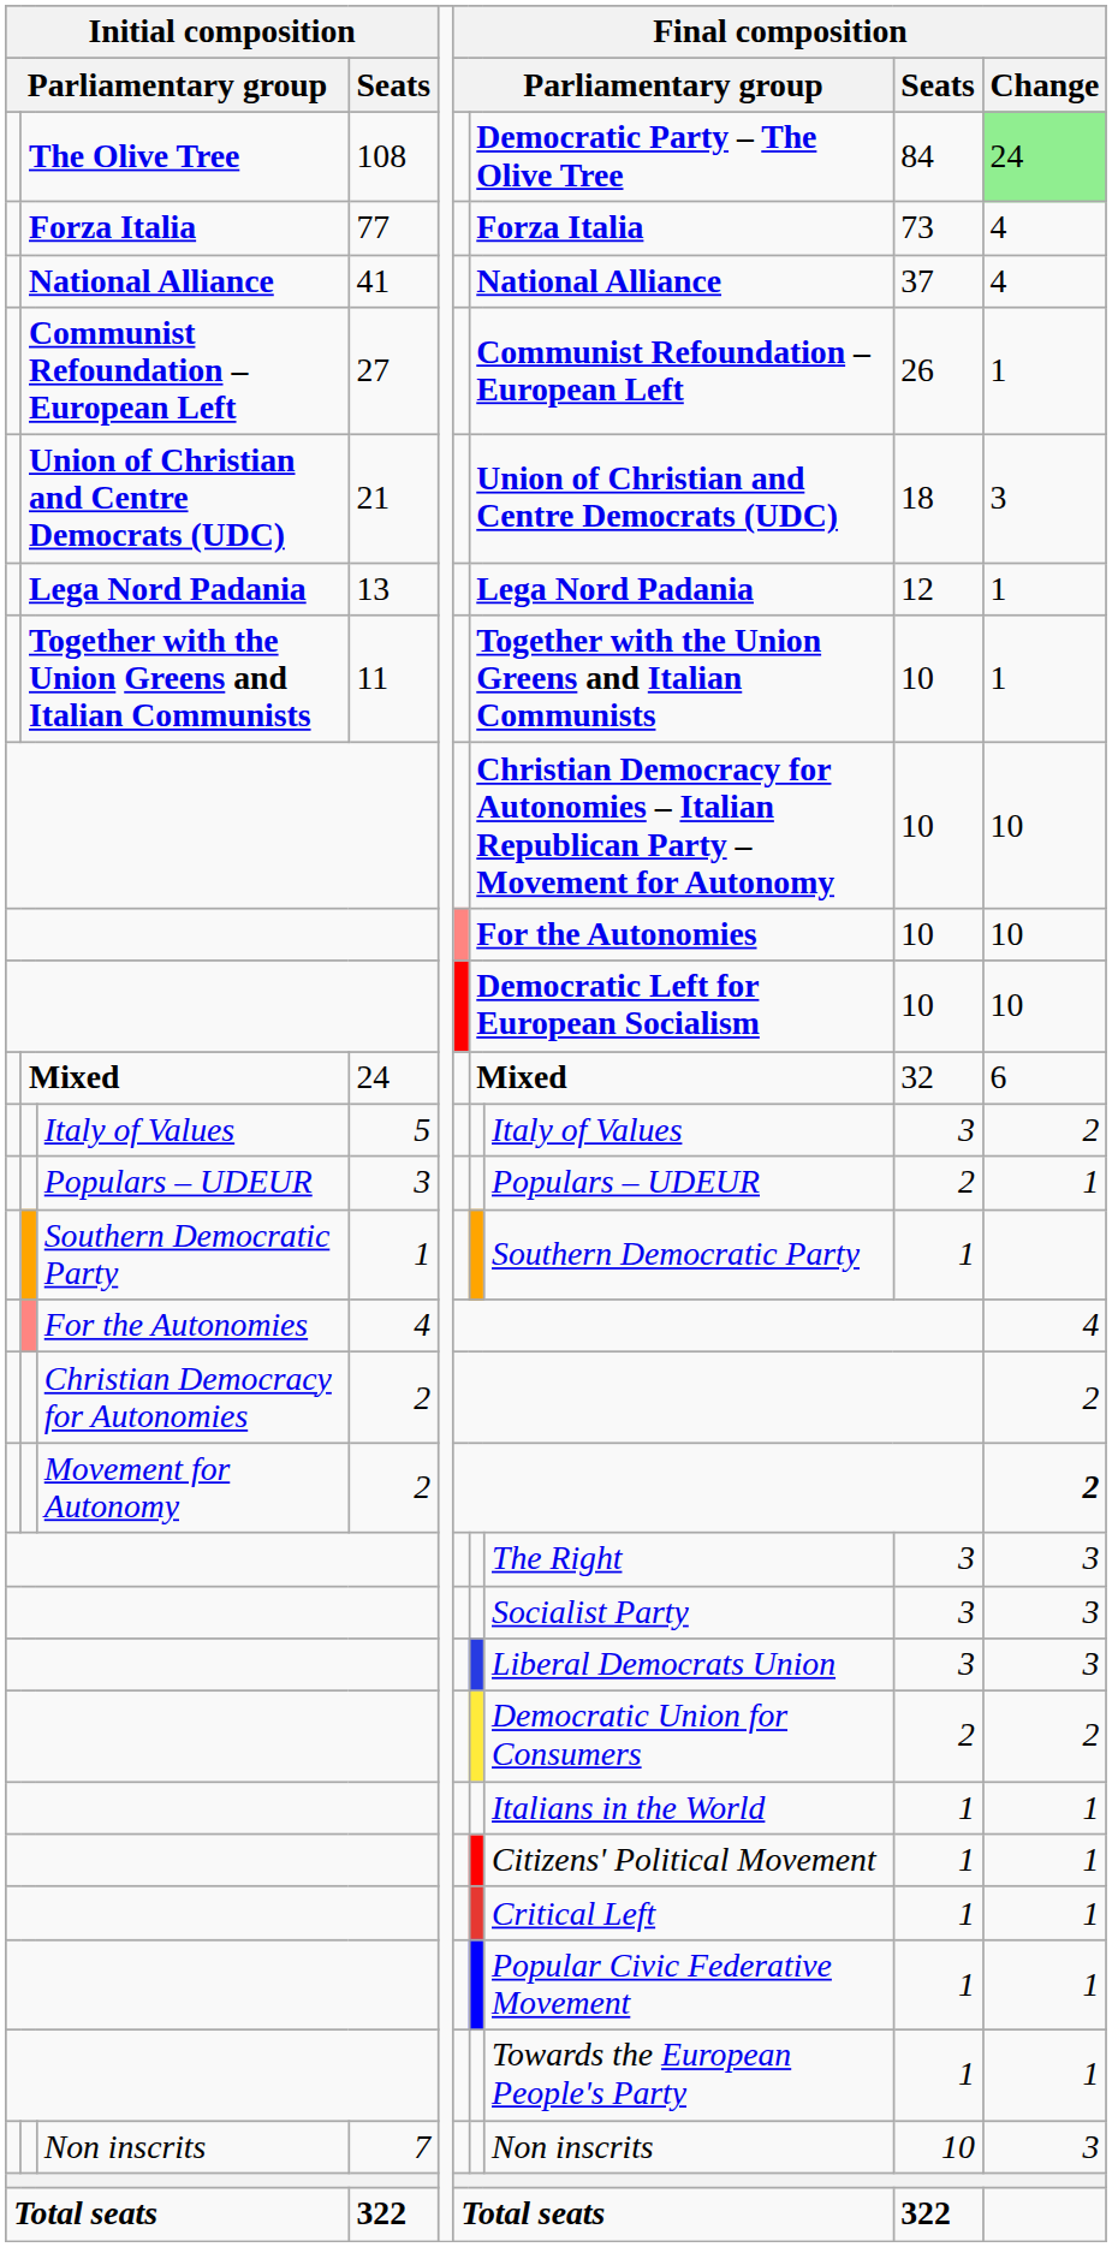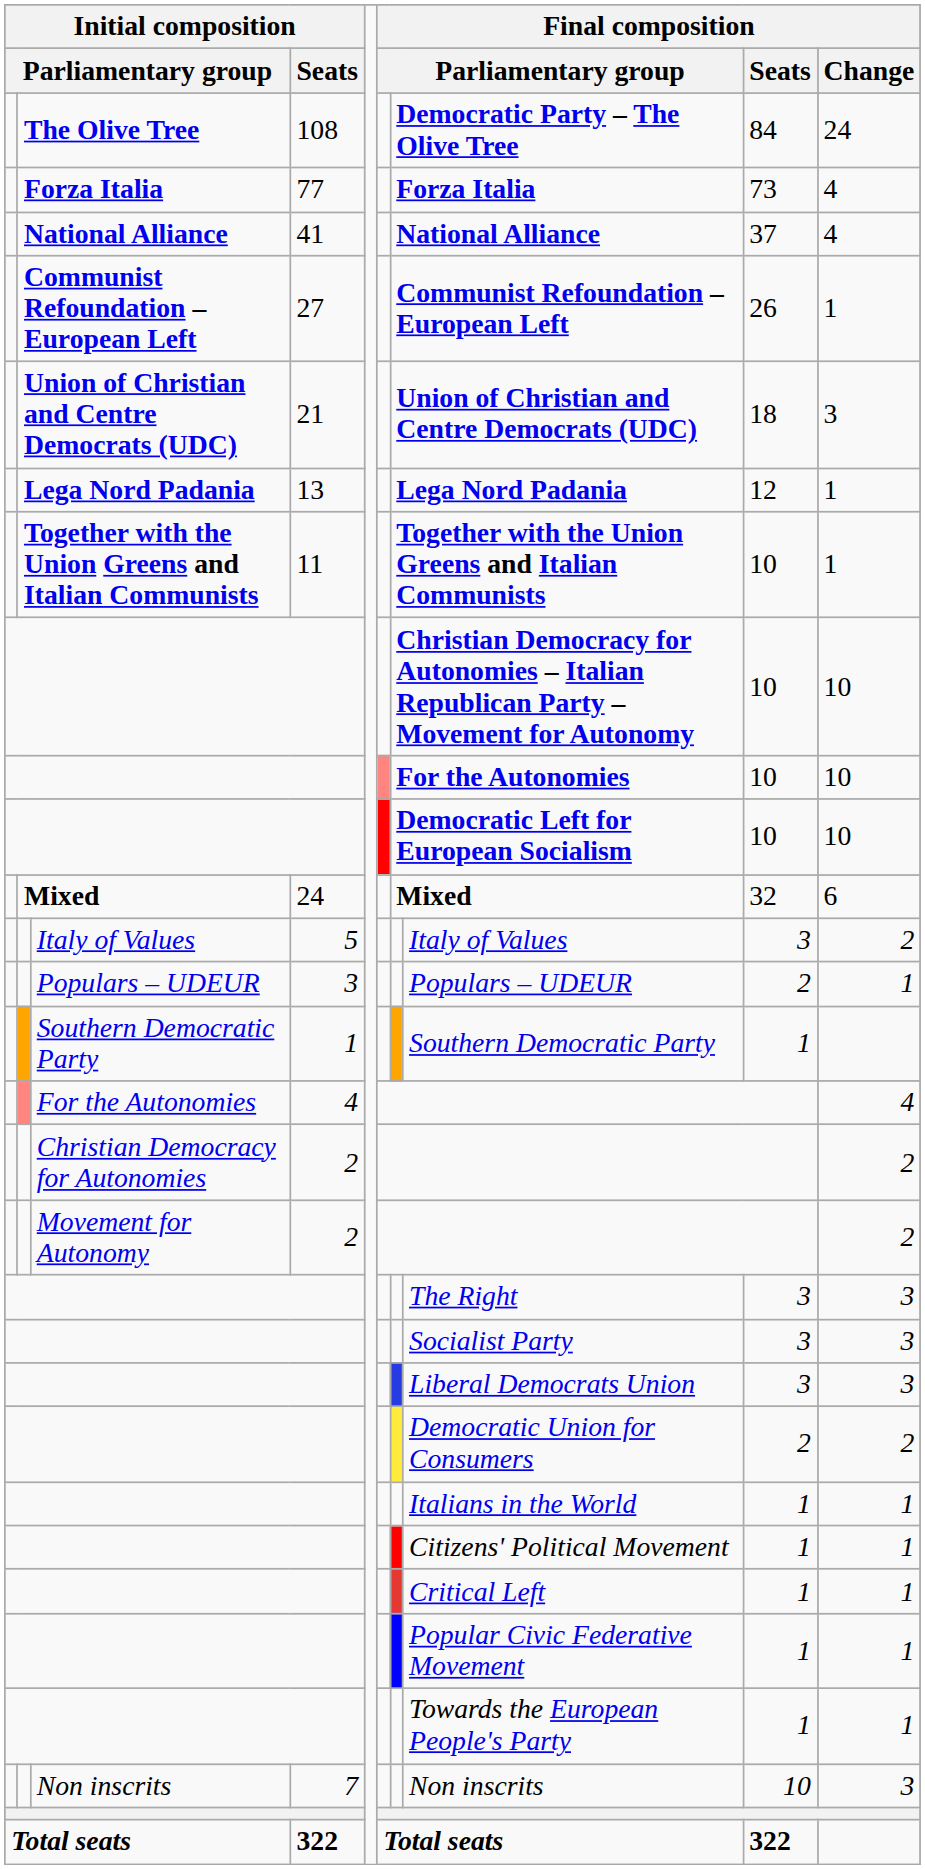 <table class="wikitable" style="width : 60%;">
 <tr>
 <th colspan="4">Initial composition</th>
 <td rowspan="32" style="width : 1%;"></td>
 <th colspan="5">Final composition</th>
 </tr>
 <tr>
 <th colspan="3">Parliamentary group</th>
 <th>Seats</th>
 <th colspan="3">Parliamentary group</th>
 <th>Seats</th>
 <th>Change</th>
 </tr>
 <tr>
 <td></td>
 <td colspan = "2"><strong><a href='#'>The Olive Tree</a></strong></td>
 <td>108</td>
 <td></td>
 <td colspan = "2"><strong><a href='#'>Democratic Party</a> – <a href='#'>The Olive Tree</a></strong></td>
 <td>84</td>
-<td style="background: lightgreen;"> 24</td>
+<td> 24</td>
 </tr>
 <tr>
 <td></td>
 <td colspan = "2"><strong><a href='#'>Forza Italia</a></strong></td>
 <td>77</td>
 <td></td>
 <td colspan = "2"><strong><a href='#'>Forza Italia</a></strong></td>
 <td>73</td>
 <td> 4</td>
 </tr>
 <tr>
 <td></td>
 <td colspan = "2"><strong><a href='#'>National Alliance</a></strong></td>
 <td>41</td>
 <td></td>
 <td colspan = "2"><strong><a href='#'>National Alliance</a></strong></td>
 <td>37</td>
 <td> 4</td>
 </tr>
 <tr>
 <td></td>
 <td colspan = "2"><strong><a href='#'>Communist Refoundation</a> – <a href='#'>European Left</a></strong></td>
 <td>27</td>
 <td></td>
 <td colspan = "2"><strong><a href='#'>Communist Refoundation</a> – <a href='#'>European Left</a></strong></td>
 <td>26</td>
 <td> 1</td>
 </tr>
 <tr>
 <td></td>
 <td colspan = "2"><strong><a href='#'>Union of Christian and Centre Democrats (UDC)</a></strong></td>
 <td>21</td>
 <td></td>
 <td colspan = "2"><strong><a href='#'>Union of Christian and Centre Democrats (UDC)</a></strong></td>
 <td>18</td>
 <td> 3</td>
 </tr>
 <tr>
 <td></td>
 <td colspan = "2"><strong><a href='#'>Lega Nord Padania</a></strong></td>
 <td>13</td>
 <td></td>
 <td colspan = "2"><strong><a href='#'>Lega Nord Padania</a></strong></td>
 <td>12</td>
 <td> 1</td>
 </tr>
 <tr>
 <td></td>
 <td colspan = "2"><strong><a href='#'>Together with the Union</a> <a href='#'>Greens</a> and <a href='#'>Italian Communists</a></strong></td>
 <td>11</td>
 <td></td>
 <td colspan = "2"><strong><a href='#'>Together with the Union</a> <a href='#'>Greens</a> and <a href='#'>Italian Communists</a></strong></td>
 <td>10</td>
 <td> 1</td>
 </tr>
 <tr>
 <td colspan = "4"></td>
 <td></td>
 <td colspan = "2"><strong><a href='#'>Christian Democracy for Autonomies</a> – <a href='#'>Italian Republican Party</a> – <a href='#'>Movement for Autonomy</a></strong></td>
 <td>10</td>
 <td> 10</td>
 </tr>
 <tr>
 <td colspan = "4"></td>
 <td bgcolor="#FF8581" width=1%></td>
 <td colspan = "2"><strong><a href='#'>For the Autonomies</a></strong></td>
 <td>10</td>
 <td> 10</td>
 </tr>
 <tr>
 <td colspan = "4"></td>
 <td bgcolor="red" width=1%></td>
 <td colspan = "2"><strong><a href='#'>Democratic Left for European Socialism</a></strong></td>
 <td>10</td>
 <td> 10</td>
 </tr>
 <tr>
 <td></td>
 <td colspan = "2"><strong>Mixed</strong></td>
 <td>24</td>
 <td></td>
 <td colspan = "2"><strong>Mixed</strong></td>
 <td>32</td>
 <td> 6</td>
 </tr>
 <tr>
 <td></td>
 <td></td>
 <td><em><a href='#'>Italy of Values</a></em></td>
 <td align="right"><em>5</em></td>
 <td></td>
 <td></td>
 <td><em><a href='#'>Italy of Values</a></em></td>
 <td align="right"><em>3</em></td>
 <td align="right"> <em>2</em></td>
 </tr>
 <tr>
 <td></td>
 <td></td>
 <td><em><a href='#'>Populars – UDEUR</a></em></td>
 <td align="right"><em>3</em></td>
 <td></td>
 <td></td>
 <td><em><a href='#'>Populars – UDEUR</a></em></td>
 <td align="right"><em>2</em></td>
 <td align="right"> <em>1</em></td>
 </tr>
 <tr>
 <td></td>
 <td bgcolor="orange" width=1%></td>
 <td><em><a href='#'>Southern Democratic Party</a></em></td>
 <td align="right"><em>1</em></td>
 <td></td>
 <td bgcolor="orange" width=1%></td>
 <td><em><a href='#'>Southern Democratic Party</a></em></td>
 <td align="right"><em>1</em></td>
 <td align="right"></td>
 </tr>
 <tr>
 <td></td>
 <td bgcolor="#FF8581" width=1%></td>
 <td><em><a href='#'>For the Autonomies</a></em></td>
 <td align="right"><em>4</em></td>
 <td colspan="4"></td>
 <td align="right"> <em>4</em></td>
 </tr>
 <tr>
 <td></td>
 <td></td>
 <td><em><a href='#'>Christian Democracy for Autonomies</a></em></td>
 <td align="right"><em>2</em></td>
 <td colspan="4"></td>
 <td align="right"> <em>2</em></td>
 </tr>
 <tr>
 <td></td>
 <td></td>
 <td><em><a href='#'>Movement for Autonomy</a></em></td>
 <td align="right"><em>2</em></td>
 <td colspan="4"></td>
-<td align="right"><strong> <em>2</em></strong></td>
+<td align="right"> <em>2</em></td>
 </tr>
 <tr>
 <td colspan = "4"></td>
 <td></td>
 <td></td>
 <td><em><a href='#'>The Right</a></em></td>
 <td align="right"><em>3</em></td>
 <td align="right"> <em>3</em></td>
 </tr>
 <tr>
 <td colspan = "4"></td>
 <td></td>
 <td></td>
 <td><em><a href='#'>Socialist Party</a></em></td>
 <td align="right"><em>3</em></td>
 <td align="right"> <em>3</em></td>
 </tr>
 <tr>
 <td colspan = "4"></td>
 <td></td>
 <td bgcolor="#273BE2" width=1%></td>
 <td><em><a href='#'>Liberal Democrats Union</a></em></td>
 <td align="right"><em>3</em></td>
 <td align="right"> <em>3</em></td>
 </tr>
 <tr>
 <td colspan = "4"></td>
 <td></td>
 <td bgcolor="#FFEB3B" width=1%></td>
 <td><em><a href='#'>Democratic Union for Consumers</a></em></td>
 <td align="right"><em>2</em></td>
 <td align="right"> <em>2</em></td>
 </tr>
 <tr>
 <td colspan = "4"></td>
 <td></td>
 <td></td>
 <td><em><a href='#'>Italians in the World</a></em></td>
 <td align="right"><em>1</em></td>
 <td align="right"> <em>1</em></td>
 </tr>
 <tr>
 <td colspan = "4"></td>
 <td></td>
 <td bgcolor="red" width=1%></td>
 <td><em>Citizens' Political Movement</em></td>
 <td align="right"><em>1</em></td>
 <td align="right"> <em>1</em></td>
 </tr>
 <tr>
 <td colspan = "4"></td>
 <td></td>
 <td bgcolor="#e63832" width=1%></td>
 <td><em><a href='#'>Critical Left</a></em></td>
 <td align="right"><em>1</em></td>
 <td align="right"> <em>1</em></td>
 </tr>
 <tr>
 <td colspan = "4"></td>
 <td></td>
 <td bgcolor="blue" width=1%></td>
 <td><em><a href='#'>Popular Civic Federative Movement</a></em></td>
 <td align="right"><em>1</em></td>
 <td align="right"> <em>1</em></td>
 </tr>
 <tr>
 <td colspan = "4"></td>
 <td></td>
 <td></td>
 <td><em>Towards the <a href='#'>European People's Party</a></em></td>
 <td align="right"><em>1</em></td>
 <td align="right"> <em>1</em></td>
 </tr>
 <tr>
 <td></td>
 <td></td>
 <td><em>Non inscrits</em></td>
 <td align="right"><em>7</em></td>
 <td></td>
 <td></td>
 <td><em>Non inscrits</em></td>
 <td align="right"><em>10</em></td>
 <td align="right"> <em>3</em></td>
 </tr>
 <tr>
 <th colspan="4"></th>
 <th colspan="5"></th>
 </tr>
 <tr>
 <td colspan="3"><strong><em>Total seats</em></strong></td>
 <td><strong>322</strong></td>
 <td colspan="3"><strong><em>Total seats</em></strong></td>
 <td><strong>322</strong></td>
 <td></td>
 </tr>
 <tr>
 </tr>
 </table>
